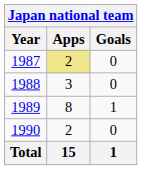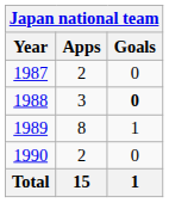 <table class="wikitable" style="text-align:center">
 <tr>
 <th colspan=3><a href='#'>Japan national team</a></th>
 </tr>
 <tr>
 <th>Year</th>
 <th>Apps</th>
 <th>Goals</th>
 </tr>
 <tr>
 <td><a href='#'>1987</a></td>
-<td style="background: khaki;">2</td>
+<td>2</td>
 <td>0</td>
 </tr>
 <tr>
 <td><a href='#'>1988</a></td>
 <td>3</td>
-<td>0</td>
+<td><strong>0</strong></td>
 </tr>
 <tr>
 <td><a href='#'>1989</a></td>
 <td>8</td>
 <td>1</td>
 </tr>
 <tr>
 <td><a href='#'>1990</a></td>
 <td>2</td>
 <td>0</td>
 </tr>
 <tr>
 <th>Total</th>
 <th>15</th>
 <th>1</th>
 </tr>
 </table>
